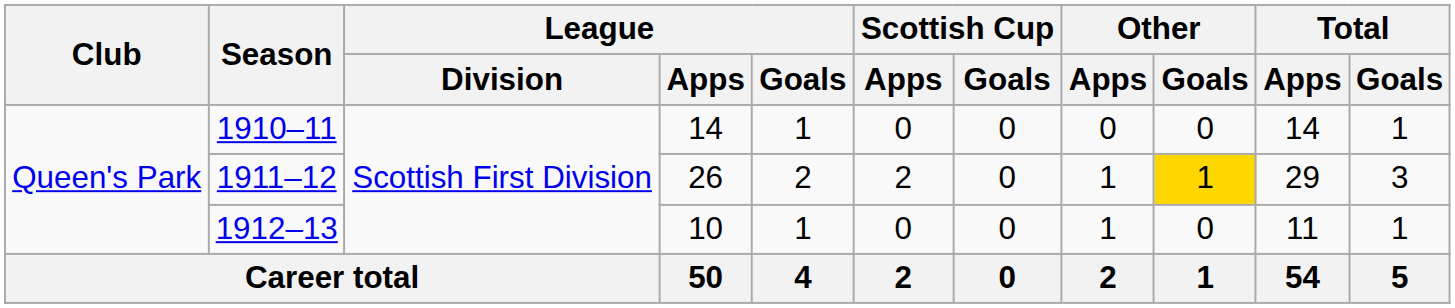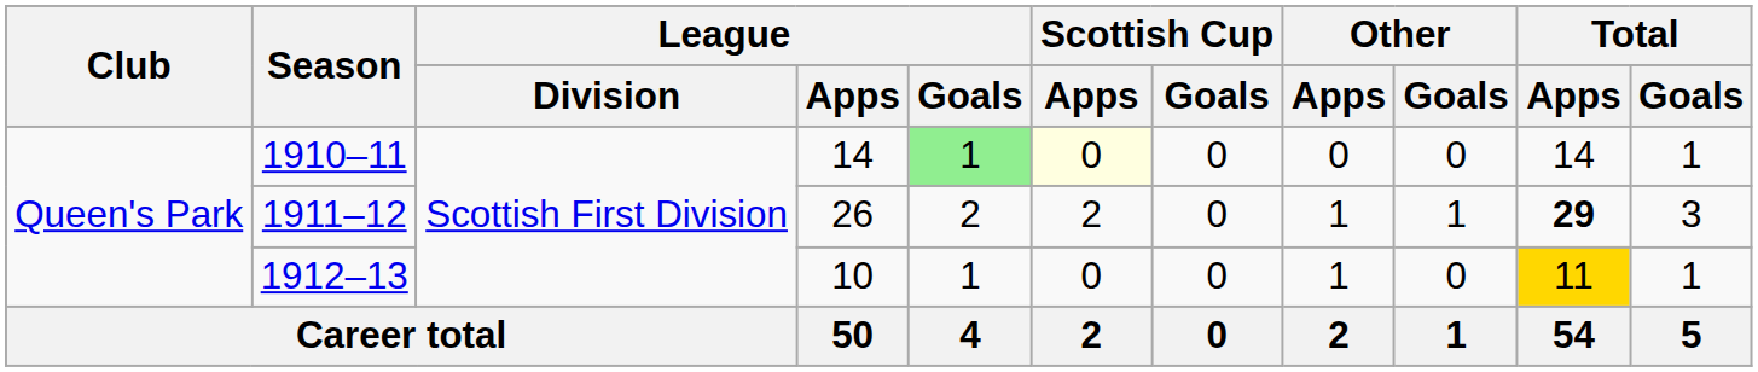 <table class="wikitable" style="text-align: center;">
 <tr>
 <th rowspan="2">Club</th>
 <th rowspan="2">Season</th>
 <th colspan="3">League</th>
 <th colspan="2">Scottish Cup</th>
 <th colspan="2">Other</th>
 <th colspan="2">Total</th>
 </tr>
 <tr>
 <th>Division</th>
 <th>Apps</th>
 <th>Goals</th>
 <th>Apps</th>
 <th>Goals</th>
 <th>Apps</th>
 <th>Goals</th>
 <th>Apps</th>
 <th>Goals</th>
 </tr>
 <tr>
 <td rowspan="3"><a href='#'>Queen's Park</a></td>
 <td><a href='#'>1910–11</a></td>
 <td rowspan="3"><a href='#'>Scottish First Division</a></td>
 <td>14</td>
-<td>1</td>
-<td>0</td>
+<td style="background: lightgreen;">1</td>
+<td style="background: lightyellow;">0</td>
 <td>0</td>
 <td>0</td>
 <td>0</td>
 <td>14</td>
 <td>1</td>
 </tr>
 <tr>
 <td><a href='#'>1911–12</a></td>
 <td>26</td>
 <td>2</td>
 <td>2</td>
 <td>0</td>
 <td>1</td>
-<td style="background: gold;">1</td>
-<td>29</td>
+<td>1</td>
+<td><strong>29</strong></td>
 <td>3</td>
 </tr>
 <tr>
 <td><a href='#'>1912–13</a></td>
 <td>10</td>
 <td>1</td>
 <td>0</td>
 <td>0</td>
 <td>1</td>
 <td>0</td>
-<td>11</td>
+<td style="background: gold;">11</td>
 <td>1</td>
 </tr>
 <tr>
 <th colspan="3">Career total</th>
 <th>50</th>
 <th>4</th>
 <th>2</th>
 <th>0</th>
 <th>2</th>
 <th>1</th>
 <th>54</th>
 <th>5</th>
 </tr>
 </table>
